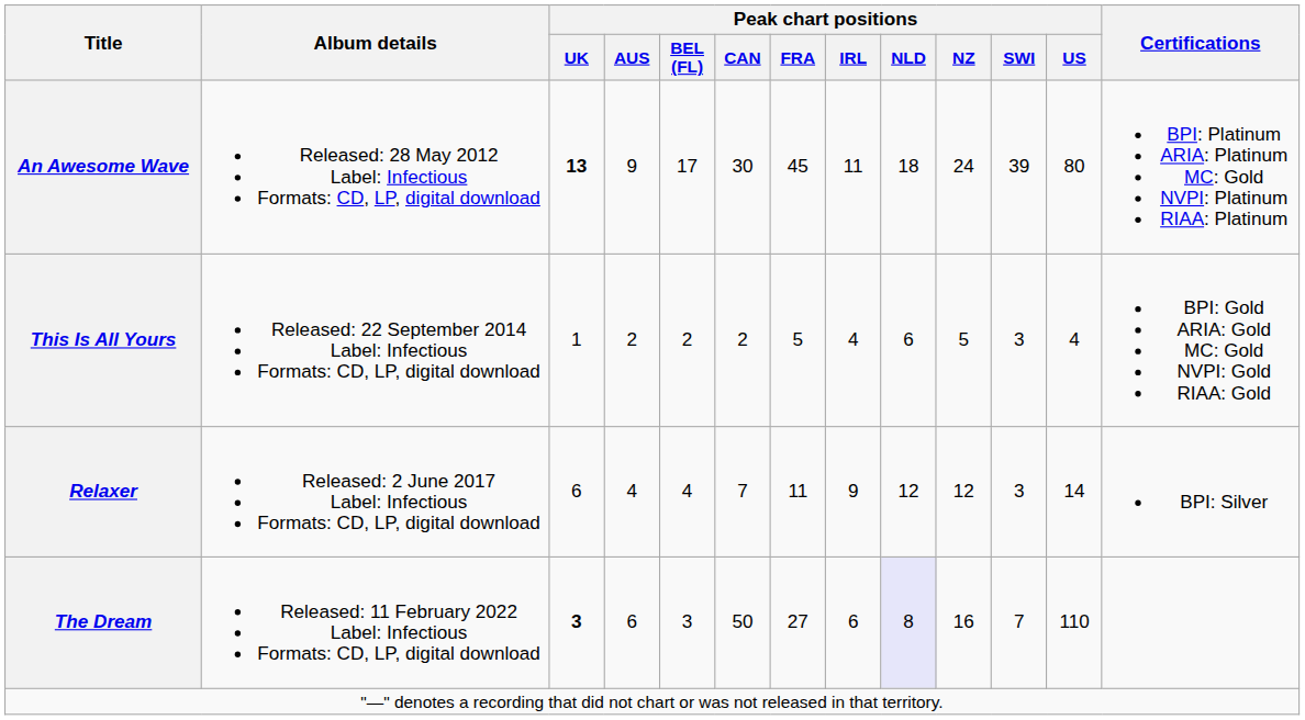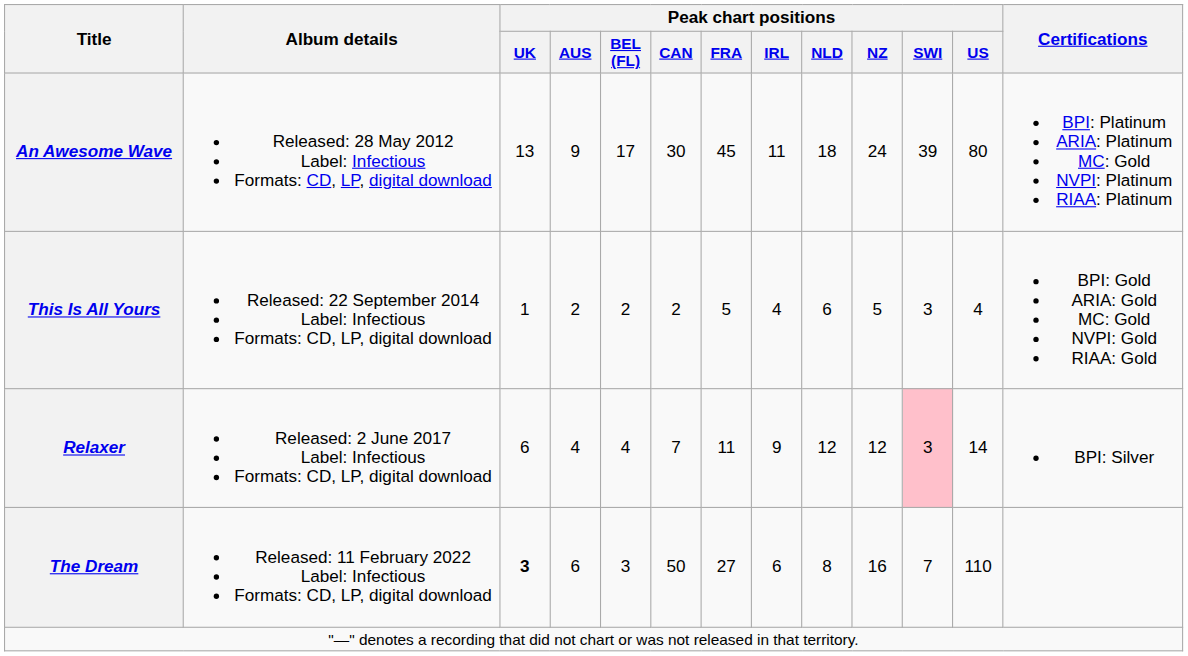 <table class="wikitable plainrowheaders" style="text-align:center;">
 <tr>
 <th scope="col" rowspan="2" style="width:10em;">Title</th>
 <th scope="col" rowspan="2" style="width:18em;">Album details</th>
 <th scope="col" colspan="10">Peak chart positions</th>
 <th scope="col" rowspan="2" style="width:10em;"><a href='#'>Certifications</a></th>
 </tr>
 <tr>
 <th scope="col" style="width:2.8em;font-size:90%;"><a href='#'>UK</a><br></th>
 <th scope="col" style="width:2.8em;font-size:90%;"><a href='#'>AUS</a><br></th>
 <th scope="col" style="width:2.8em;font-size:90%;"><a href='#'>BEL<br>(FL)</a><br></th>
 <th scope="col" style="width:2.8em;font-size:90%;"><a href='#'>CAN</a><br></th>
 <th scope="col" style="width:2.8em;font-size:90%;"><a href='#'>FRA</a><br></th>
 <th scope="col" style="width:2.8em;font-size:90%;"><a href='#'>IRL</a><br></th>
 <th scope="col" style="width:2.8em;font-size:90%;"><a href='#'>NLD</a><br></th>
 <th scope="col" style="width:2.8em;font-size:90%;"><a href='#'>NZ</a><br></th>
 <th scope="col" style="width:2.8em;font-size:90%;"><a href='#'>SWI</a><br></th>
 <th scope="col" style="width:2.8em;font-size:90%;"><a href='#'>US</a><br></th>
 </tr>
 <tr>
 <th scope="row"><em><a href='#'>An Awesome Wave</a></em></th>
 <td><br><ul><li>Released: 28 May 2012</li><li>Label: <a href='#'>Infectious</a></li><li>Formats: <a href='#'>CD</a>, <a href='#'>LP</a>, <a href='#'>digital download</a></li></ul></td>
-<td><strong>13</strong></td>
+<td>13</td>
 <td>9</td>
 <td>17</td>
 <td>30</td>
 <td>45</td>
 <td>11</td>
 <td>18</td>
 <td>24</td>
 <td>39</td>
 <td>80</td>
 <td><br><ul><li><a href='#'>BPI</a>: Platinum</li><li><a href='#'>ARIA</a>: Platinum</li><li><a href='#'>MC</a>: Gold</li><li><a href='#'>NVPI</a>: Platinum</li><li><a href='#'>RIAA</a>: Platinum</li></ul></td>
 </tr>
 <tr>
 <th scope="row"><em><a href='#'>This Is All Yours</a></em></th>
 <td><br><ul><li>Released: 22 September 2014</li><li>Label: Infectious</li><li>Formats: CD, LP, digital download</li></ul></td>
 <td>1</td>
 <td>2</td>
 <td>2</td>
 <td>2</td>
 <td>5</td>
 <td>4</td>
 <td>6</td>
 <td>5</td>
 <td>3</td>
 <td>4</td>
 <td><br><ul><li>BPI: Gold</li><li>ARIA: Gold</li><li>MC: Gold</li><li>NVPI: Gold</li><li>RIAA: Gold</li></ul></td>
 </tr>
 <tr>
 <th scope="row"><em><a href='#'>Relaxer</a></em></th>
 <td><br><ul><li>Released: 2 June 2017</li><li>Label: Infectious</li><li>Formats: CD, LP, digital download</li></ul></td>
 <td>6</td>
 <td>4</td>
 <td>4</td>
 <td>7</td>
 <td>11</td>
 <td>9</td>
 <td>12</td>
 <td>12</td>
-<td>3</td>
+<td style="background: pink;">3</td>
 <td>14</td>
 <td><br><ul><li>BPI: Silver</li></ul></td>
 </tr>
 <tr>
 <th scope="row"><em><a href='#'>The Dream</a></em></th>
 <td><br><ul><li>Released: 11 February 2022</li><li>Label: Infectious</li><li>Formats: CD, LP, digital download</li></ul></td>
 <td><strong>3</strong></td>
 <td>6</td>
 <td>3</td>
 <td>50</td>
 <td>27</td>
 <td>6</td>
-<td style="background: lavender;">8</td>
+<td>8</td>
 <td>16</td>
 <td>7</td>
 <td>110</td>
 <td></td>
 </tr>
 <tr>
 <td colspan="16" style="font-size:90%">"—" denotes a recording that did not chart or was not released in that territory.</td>
 </tr>
 </table>
